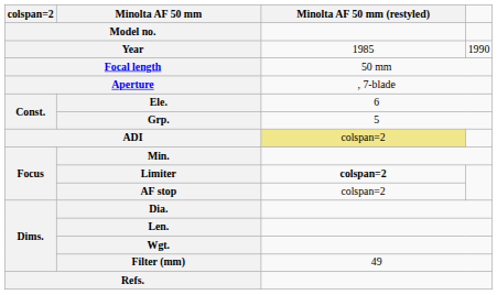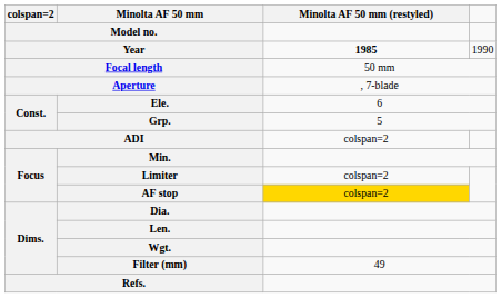 <table class="wikitable" style="font-size:90%;text-align:center;">
 <tr>
 <th>colspan=2 </th>
 <th style="width:42%;">Minolta AF 50 mm </th>
 <th style="width:42%;">Minolta AF 50 mm  (restyled)</th>
 </tr>
 <tr>
 <th colspan=2>Model no.</th>
 <td></td>
 <td></td>
 </tr>
 <tr>
 <th colspan=2>Year</th>
-<td>1985</td>
+<td><strong>1985</strong></td>
 <td>1990</td>
 </tr>
 <tr>
 <th colspan=2><a href='#'>Focal length</a></th>
 <td colspan=2>50 mm</td>
 </tr>
 <tr>
 <th colspan=2><a href='#'>Aperture</a></th>
 <td colspan=2>, 7-blade</td>
 </tr>
 <tr>
 <th rowspan=2>Const.</th>
 <th>Ele.</th>
 <td colspan=4>6</td>
 </tr>
 <tr>
 <th>Grp.</th>
 <td colspan=4>5</td>
 </tr>
 <tr>
 <th colspan=2>ADI</th>
-<td style="background: khaki;">colspan=2 </td>
+<td>colspan=2 </td>
 </tr>
 <tr>
 <th rowspan=3>Focus</th>
 <th>Min.</th>
 <td colspan=2></td>
 </tr>
 <tr>
 <th>Limiter</th>
-<td><strong>colspan=2 </strong></td>
+<td>colspan=2 </td>
 </tr>
 <tr>
 <th>AF stop</th>
-<td>colspan=2 </td>
+<td style="background: gold;">colspan=2 </td>
 </tr>
 <tr>
 <th rowspan=4>Dims.</th>
 <th>Dia.</th>
 <td colspan=2></td>
 </tr>
 <tr>
 <th>Len.</th>
 <td colspan=2></td>
 </tr>
 <tr>
 <th>Wgt.</th>
 <td colspan=2></td>
 </tr>
 <tr>
 <th>Filter (mm)</th>
 <td colspan=2>49</td>
 </tr>
 <tr>
 <th colspan=2>Refs.</th>
 <td colspan=2></td>
 </tr>
 </table>
